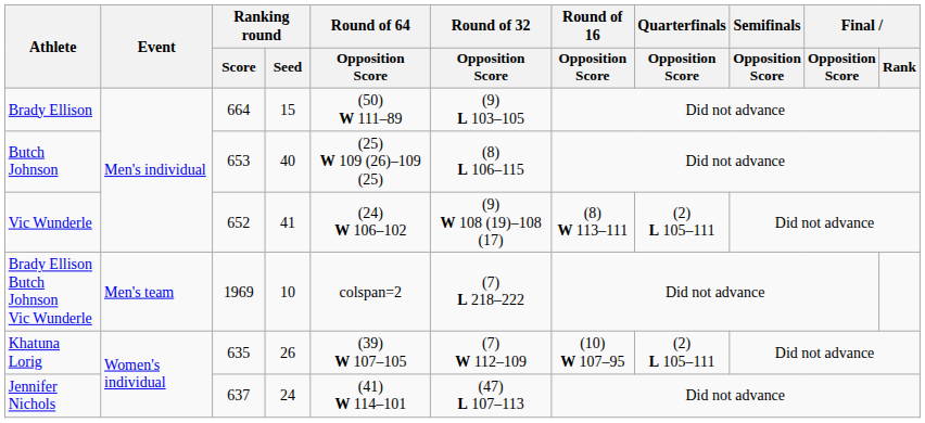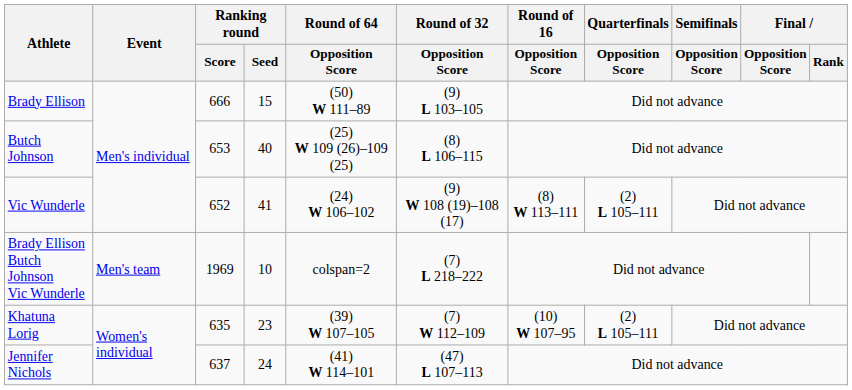 <table class=wikitable style=font-size:90%;text-align:center>
 <tr>
 <th rowspan=2>Athlete</th>
 <th rowspan=2>Event</th>
 <th colspan=2>Ranking round</th>
 <th>Round of 64</th>
 <th>Round of 32</th>
 <th>Round of 16</th>
 <th>Quarterfinals</th>
 <th>Semifinals</th>
 <th colspan=2>Final / </th>
 </tr>
 <tr style=font-size:95%>
 <th>Score</th>
 <th>Seed</th>
 <th>Opposition<br>Score</th>
 <th>Opposition<br>Score</th>
 <th>Opposition<br>Score</th>
 <th>Opposition<br>Score</th>
 <th>Opposition<br>Score</th>
 <th>Opposition<br>Score</th>
 <th>Rank</th>
 </tr>
 <tr>
 <td align=left><a href='#'>Brady Ellison</a></td>
 <td align=left rowspan=3><a href='#'>Men's individual</a></td>
-<td>664</td>
+<td>666</td>
 <td>15</td>
 <td> (50)<br><strong>W</strong> 111–89</td>
 <td> (9)<br><strong>L</strong> 103–105</td>
 <td colspan=5>Did not advance</td>
 </tr>
 <tr>
 <td align=left><a href='#'>Butch Johnson</a></td>
 <td>653</td>
 <td>40</td>
 <td> (25)<br><strong>W</strong> 109 (26)–109 (25)</td>
 <td> (8)<br><strong>L</strong> 106–115</td>
 <td colspan=5>Did not advance</td>
 </tr>
 <tr>
 <td align=left><a href='#'>Vic Wunderle</a></td>
 <td>652</td>
 <td>41</td>
 <td> (24)<br><strong>W</strong> 106–102</td>
 <td> (9)<br><strong>W</strong> 108 (19)–108 (17)</td>
 <td> (8)<br><strong>W</strong> 113–111</td>
 <td> (2)<br><strong>L</strong> 105–111</td>
 <td colspan=3>Did not advance</td>
 </tr>
 <tr>
 <td align=left><a href='#'>Brady Ellison</a><br><a href='#'>Butch Johnson</a><br><a href='#'>Vic Wunderle</a></td>
 <td align=left><a href='#'>Men's team</a></td>
 <td>1969</td>
 <td>10</td>
 <td>colspan=2 </td>
 <td> (7)<br><strong>L</strong> 218–222</td>
 <td colspan=4>Did not advance</td>
 </tr>
 <tr>
 <td align=left><a href='#'>Khatuna Lorig</a></td>
 <td align=left rowspan=2><a href='#'>Women's individual</a></td>
 <td>635</td>
-<td>26</td>
+<td>23</td>
 <td> (39)<br><strong>W</strong> 107–105</td>
 <td> (7)<br><strong>W</strong> 112–109</td>
 <td> (10)<br><strong>W</strong> 107–95</td>
 <td> (2)<br><strong>L</strong> 105–111</td>
 <td colspan=3>Did not advance</td>
 </tr>
 <tr>
 <td align=left><a href='#'>Jennifer Nichols</a></td>
 <td>637</td>
 <td>24</td>
 <td> (41)<br><strong>W</strong> 114–101</td>
 <td> (47)<br><strong>L</strong> 107–113</td>
 <td colspan=5>Did not advance</td>
 </tr>
 </table>
